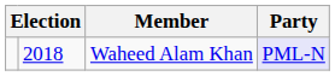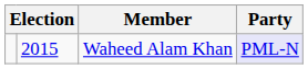 <table class="wikitable">
 <tr>
 <th colspan="2">Election</th>
 <th>Member</th>
 <th>Party</th>
 </tr>
 <tr>
 <td style="background-color: "></td>
-<td><a href='#'>2018</a></td>
+<td><a href='#'>2015</a></td>
 <td><a href='#'>Waheed Alam Khan</a></td>
 <td style="background: lavender;"><a href='#'>PML-N</a></td>
 </tr>
 </table>
